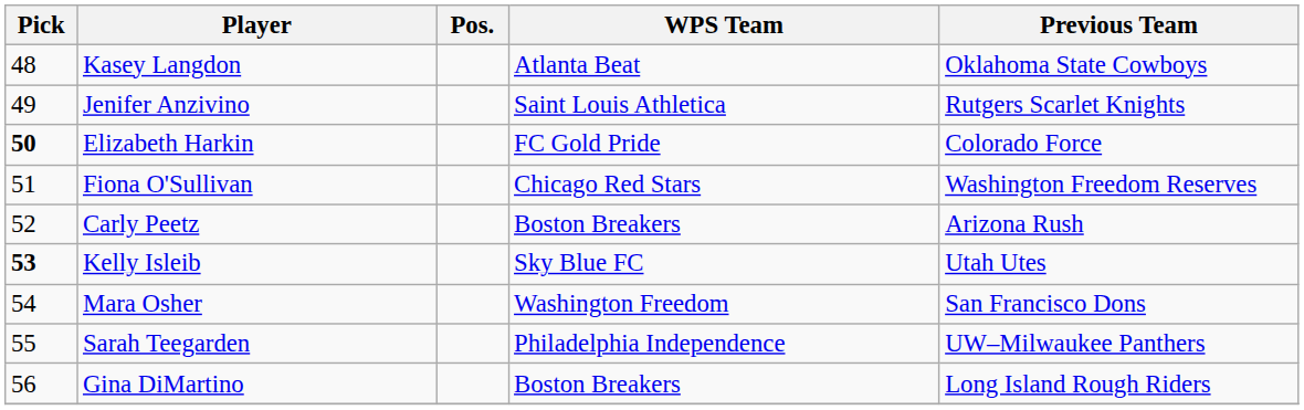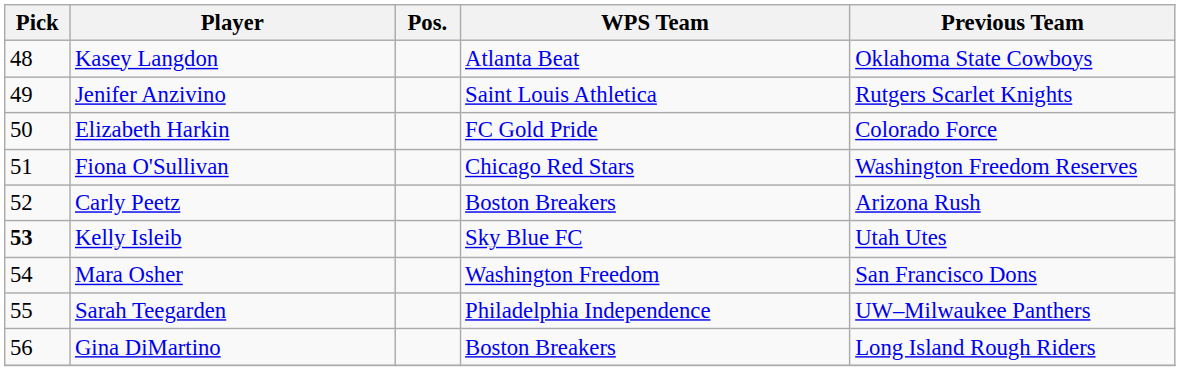 <table class="wikitable">
 <tr>
 <th width="5%">Pick</th>
 <th width="25%">Player</th>
 <th width="5%">Pos.</th>
 <th width="30%">WPS Team</th>
 <th width="25%">Previous Team</th>
 </tr>
 <tr>
 <td>48</td>
 <td><a href='#'>Kasey Langdon</a></td>
 <td></td>
 <td><a href='#'>Atlanta Beat</a></td>
 <td><a href='#'>Oklahoma State Cowboys</a></td>
 </tr>
 <tr>
 <td>49</td>
 <td><a href='#'>Jenifer Anzivino</a></td>
 <td></td>
 <td><a href='#'>Saint Louis Athletica</a></td>
 <td><a href='#'>Rutgers Scarlet Knights</a></td>
 </tr>
 <tr>
-<td><strong>50</strong></td>
+<td>50</td>
 <td><a href='#'>Elizabeth Harkin</a></td>
 <td></td>
 <td><a href='#'>FC Gold Pride</a></td>
 <td><a href='#'>Colorado Force</a></td>
 </tr>
 <tr>
 <td>51</td>
 <td><a href='#'>Fiona O'Sullivan</a></td>
 <td></td>
 <td><a href='#'>Chicago Red Stars</a></td>
 <td><a href='#'>Washington Freedom Reserves</a></td>
 </tr>
 <tr>
 <td>52</td>
 <td><a href='#'>Carly Peetz</a></td>
 <td></td>
 <td><a href='#'>Boston Breakers</a></td>
 <td><a href='#'>Arizona Rush</a></td>
 </tr>
 <tr>
 <td><strong>53</strong></td>
 <td><a href='#'>Kelly Isleib</a></td>
 <td></td>
 <td><a href='#'>Sky Blue FC</a></td>
 <td><a href='#'>Utah Utes</a></td>
 </tr>
 <tr>
 <td>54</td>
 <td><a href='#'>Mara Osher</a></td>
 <td></td>
 <td><a href='#'>Washington Freedom</a></td>
 <td><a href='#'>San Francisco Dons</a></td>
 </tr>
 <tr>
 <td>55</td>
 <td><a href='#'>Sarah Teegarden</a></td>
 <td></td>
 <td><a href='#'>Philadelphia Independence</a></td>
 <td><a href='#'>UW–Milwaukee Panthers</a></td>
 </tr>
 <tr>
 <td>56</td>
 <td><a href='#'>Gina DiMartino</a></td>
 <td></td>
 <td><a href='#'>Boston Breakers</a></td>
 <td><a href='#'>Long Island Rough Riders</a></td>
 </tr>
 <tr>
 </tr>
 </table>
